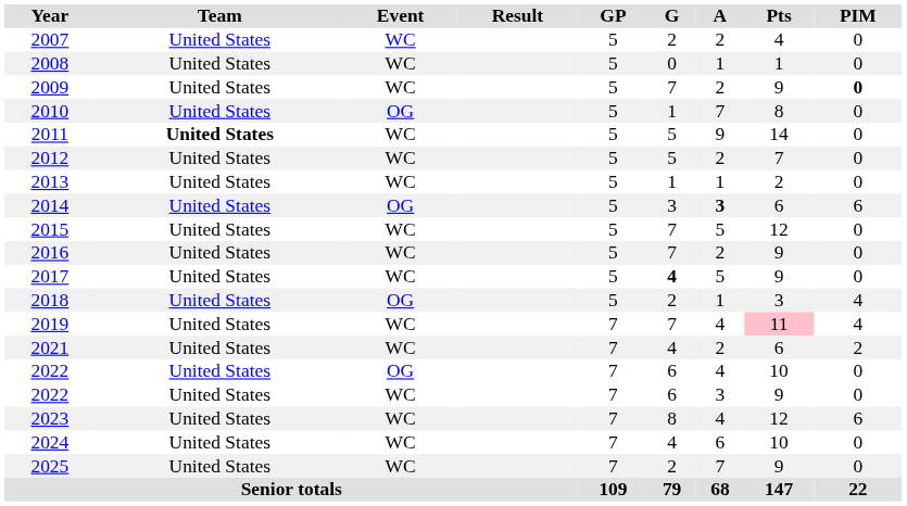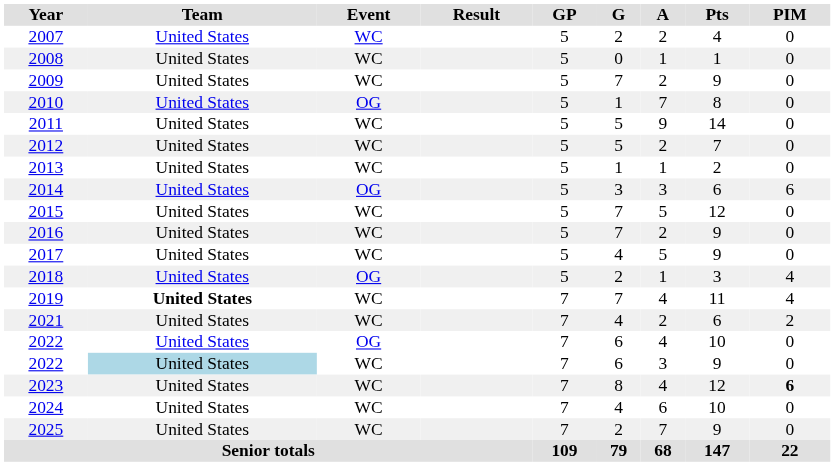 <table border="0" cellpadding="1" cellspacing="0" style="text-align:center; width:60%">
 <tr style="background:#e0e0e0;">
 <th>Year</th>
 <th>Team</th>
 <th>Event</th>
 <th>Result</th>
 <th>GP</th>
 <th>G</th>
 <th>A</th>
 <th>Pts</th>
 <th>PIM</th>
 </tr>
 <tr>
 <td><a href='#'>2007</a></td>
 <td><a href='#'>United States</a></td>
 <td><a href='#'>WC</a></td>
 <td></td>
 <td>5</td>
 <td>2</td>
 <td>2</td>
 <td>4</td>
 <td>0</td>
 </tr>
 <tr bgcolor="#f0f0f0">
 <td><a href='#'>2008</a></td>
 <td>United States</td>
 <td>WC</td>
 <td></td>
 <td>5</td>
 <td>0</td>
 <td>1</td>
 <td>1</td>
 <td>0</td>
 </tr>
 <tr>
 <td><a href='#'>2009</a></td>
 <td>United States</td>
 <td>WC</td>
 <td></td>
 <td>5</td>
 <td>7</td>
 <td>2</td>
 <td>9</td>
-<td><strong>0</strong></td>
+<td>0</td>
 </tr>
 <tr bgcolor="#f0f0f0">
 <td><a href='#'>2010</a></td>
 <td><a href='#'>United States</a></td>
 <td><a href='#'>OG</a></td>
 <td></td>
 <td>5</td>
 <td>1</td>
 <td>7</td>
 <td>8</td>
 <td>0</td>
 </tr>
 <tr>
 <td><a href='#'>2011</a></td>
-<td><strong>United States</strong></td>
+<td>United States</td>
 <td>WC</td>
 <td></td>
 <td>5</td>
 <td>5</td>
 <td>9</td>
 <td>14</td>
 <td>0</td>
 </tr>
 <tr bgcolor="#f0f0f0">
 <td><a href='#'>2012</a></td>
 <td>United States</td>
 <td>WC</td>
 <td></td>
 <td>5</td>
 <td>5</td>
 <td>2</td>
 <td>7</td>
 <td>0</td>
 </tr>
 <tr>
 <td><a href='#'>2013</a></td>
 <td>United States</td>
 <td>WC</td>
 <td></td>
 <td>5</td>
 <td>1</td>
 <td>1</td>
 <td>2</td>
 <td>0</td>
 </tr>
 <tr bgcolor="#f0f0f0">
 <td><a href='#'>2014</a></td>
 <td><a href='#'>United States</a></td>
 <td><a href='#'>OG</a></td>
 <td></td>
 <td>5</td>
 <td>3</td>
-<td><strong>3</strong></td>
+<td>3</td>
 <td>6</td>
 <td>6</td>
 </tr>
 <tr>
 <td><a href='#'>2015</a></td>
 <td>United States</td>
 <td>WC</td>
 <td></td>
 <td>5</td>
 <td>7</td>
 <td>5</td>
 <td>12</td>
 <td>0</td>
 </tr>
 <tr bgcolor="#f0f0f0">
 <td><a href='#'>2016</a></td>
 <td>United States</td>
 <td>WC</td>
 <td></td>
 <td>5</td>
 <td>7</td>
 <td>2</td>
 <td>9</td>
 <td>0</td>
 </tr>
 <tr>
 <td><a href='#'>2017</a></td>
 <td>United States</td>
 <td>WC</td>
 <td></td>
 <td>5</td>
-<td><strong>4</strong></td>
+<td>4</td>
 <td>5</td>
 <td>9</td>
 <td>0</td>
 </tr>
 <tr bgcolor="#f0f0f0">
 <td><a href='#'>2018</a></td>
 <td><a href='#'>United States</a></td>
 <td><a href='#'>OG</a></td>
 <td></td>
 <td>5</td>
 <td>2</td>
 <td>1</td>
 <td>3</td>
 <td>4</td>
 </tr>
 <tr>
 <td><a href='#'>2019</a></td>
-<td>United States</td>
+<td><strong>United States</strong></td>
 <td>WC</td>
 <td></td>
 <td>7</td>
 <td>7</td>
 <td>4</td>
-<td style="background: pink;">11</td>
+<td>11</td>
 <td>4</td>
 </tr>
 <tr bgcolor="#f0f0f0">
 <td><a href='#'>2021</a></td>
 <td>United States</td>
 <td>WC</td>
 <td></td>
 <td>7</td>
 <td>4</td>
 <td>2</td>
 <td>6</td>
 <td>2</td>
 </tr>
 <tr>
 <td><a href='#'>2022</a></td>
 <td><a href='#'>United States</a></td>
 <td><a href='#'>OG</a></td>
 <td></td>
 <td>7</td>
 <td>6</td>
 <td>4</td>
 <td>10</td>
 <td>0</td>
 </tr>
 <tr>
 <td><a href='#'>2022</a></td>
-<td>United States</td>
+<td style="background: lightblue;">United States</td>
 <td>WC</td>
 <td></td>
 <td>7</td>
 <td>6</td>
 <td>3</td>
 <td>9</td>
 <td>0</td>
 </tr>
 <tr bgcolor="#f0f0f0">
 <td><a href='#'>2023</a></td>
 <td>United States</td>
 <td>WC</td>
 <td></td>
 <td>7</td>
 <td>8</td>
 <td>4</td>
 <td>12</td>
-<td>6</td>
+<td><strong>6</strong></td>
 </tr>
 <tr>
 <td><a href='#'>2024</a></td>
 <td>United States</td>
 <td>WC</td>
 <td></td>
 <td>7</td>
 <td>4</td>
 <td>6</td>
 <td>10</td>
 <td>0</td>
 </tr>
 <tr bgcolor="#f0f0f0">
 <td><a href='#'>2025</a></td>
 <td>United States</td>
 <td>WC</td>
 <td></td>
 <td>7</td>
 <td>2</td>
 <td>7</td>
 <td>9</td>
 <td>0</td>
 </tr>
 <tr bgcolor="#e0e0e0">
 <th colspan=4>Senior totals</th>
 <th>109</th>
 <th>79</th>
 <th>68</th>
 <th>147</th>
 <th>22</th>
 </tr>
 </table>
